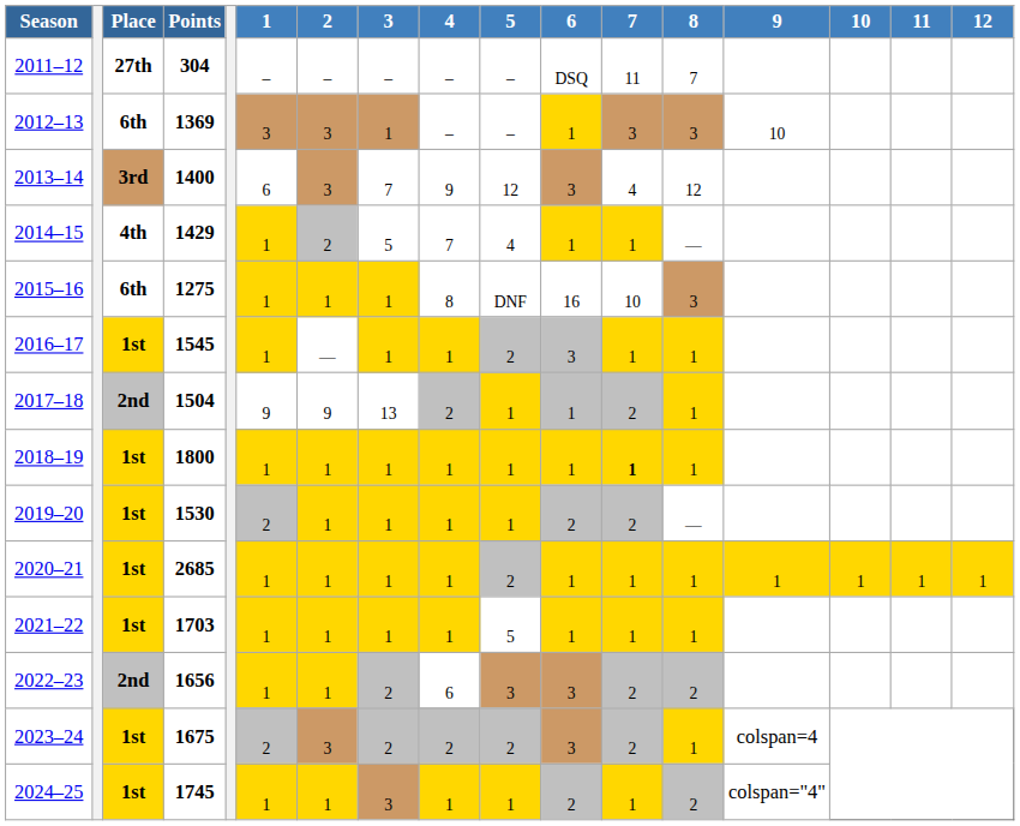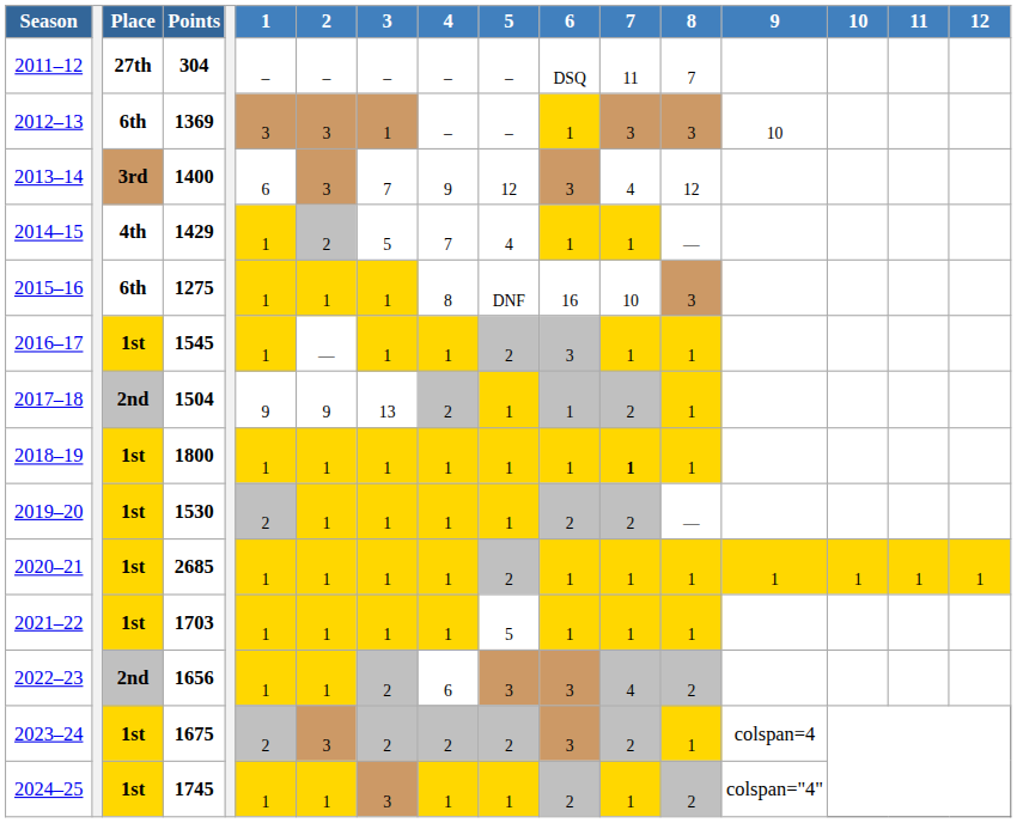 <table class="wikitable" style="font-size:95%; text-align:center; border:grey solid 1px; border-collapse:collapse; background:#ffffff;">
 <tr>
 <th style="background-color:#369; color:white; width:60px">Season</th>
 <th rowspan="15" width="1px"></th>
 <th style="background-color:#369; color:white; width:40px">Place</th>
 <th style="background-color:#369; color:white; width:40px">Points</th>
 <th rowspan="15" width="1px"></th>
 <th style="background-color:#4180be; color:white; width:40px">1</th>
 <th style="background-color:#4180be; color:white; width:40px">2</th>
 <th style="background-color:#4180be; color:white; width:40px">3</th>
 <th style="background-color:#4180be; color:white; width:40px">4</th>
 <th style="background-color:#4180be; color:white; width:40px">5</th>
 <th style="background-color:#4180be; color:white; width:40px">6</th>
 <th style="background-color:#4180be; color:white; width:40px">7</th>
 <th style="background-color:#4180be; color:white; width:40px">8</th>
 <th style="background-color:#4180be; color:white; width:40px">9</th>
 <th style="background-color:#4180be; color:white; width:40px">10</th>
 <th style="background-color:#4180be; color:white; width:40px">11</th>
 <th style="background-color:#4180be; color:white; width:40px">12</th>
 </tr>
 <tr>
 <td><a href='#'>2011–12</a></td>
 <td><strong>27th</strong></td>
 <td><strong>304</strong></td>
 <td><br><small>–</small></td>
 <td><br><small>–</small></td>
 <td><br><small>–</small></td>
 <td><br><small>–</small></td>
 <td><br><small>–</small></td>
 <td><br><small>DSQ</small></td>
 <td><br><small>11</small></td>
 <td><br><small>7</small></td>
 <td></td>
 <td></td>
 <td></td>
 <td></td>
 </tr>
 <tr>
 <td><a href='#'>2012–13</a></td>
 <td><strong>6th</strong></td>
 <td><strong>1369</strong></td>
 <td style="background:#CC9966"><br><small>3</small></td>
 <td style="background:#c96"><br><small>3</small></td>
 <td style="background:#c96"><br><small>1</small></td>
 <td><br><small>–</small></td>
 <td><br><small>–</small></td>
 <td style="background:gold"><br><small>1</small></td>
 <td style="background:#c96"><br><small>3</small></td>
 <td style="background:#c96"><br><small>3</small></td>
 <td><br><small>10</small></td>
 <td></td>
 <td></td>
 <td></td>
 </tr>
 <tr>
 <td><a href='#'>2013–14</a></td>
 <td style="background:#c96"><strong>3rd</strong></td>
 <td><strong>1400</strong></td>
 <td><br><small>6</small></td>
 <td style="background:#c96"><br><small>3</small></td>
 <td><br><small>7</small></td>
 <td><br><small>9</small></td>
 <td><br><small>12</small></td>
 <td style="background:#c96"><br><small>3</small></td>
 <td><br><small>4</small></td>
 <td><br><small>12</small></td>
 <td></td>
 <td></td>
 <td></td>
 <td></td>
 </tr>
 <tr>
 <td><a href='#'>2014–15</a></td>
 <td><strong>4th</strong></td>
 <td><strong>1429</strong></td>
 <td style="background:gold"><br><small>1</small></td>
 <td style="background:silver"><br><small>2</small></td>
 <td><br><small>5</small></td>
 <td><br><small>7</small></td>
 <td><br><small>4</small></td>
 <td style="background:gold"><br><small>1</small></td>
 <td style="background:gold"><br><small>1</small></td>
 <td><br><small>—</small></td>
 <td></td>
 <td></td>
 <td></td>
 <td></td>
 </tr>
 <tr>
 <td><a href='#'>2015–16</a></td>
 <td><strong>6th</strong></td>
 <td><strong>1275</strong></td>
 <td style="background:gold"> <br><small>1</small></td>
 <td style="background:gold"><br><small>1</small></td>
 <td style="background:gold"><br><small>1</small></td>
 <td><br><small>8</small></td>
 <td><br><small>DNF</small></td>
 <td><br><small>16</small></td>
 <td><br><small>10</small></td>
 <td style="background:#c96"><br><small>3</small></td>
 <td></td>
 <td></td>
 <td></td>
 <td></td>
 </tr>
 <tr>
 <td><a href='#'>2016–17</a></td>
 <td style="background:gold"><strong>1st</strong></td>
 <td><strong>1545</strong></td>
 <td style="background:gold"><br><small>1</small></td>
 <td><br><small>—</small></td>
 <td style="background:gold"><br><small>1</small></td>
 <td style="background:gold"><br><small>1</small></td>
 <td style="background:silver"><br><small>2</small></td>
 <td style="background:silver"><br><small>3</small></td>
 <td style="background:gold"><br><small>1</small></td>
 <td style="background:gold"><br><small>1</small></td>
 <td></td>
 <td></td>
 <td></td>
 <td></td>
 </tr>
 <tr>
 <td><a href='#'>2017–18</a></td>
 <td style="background:silver"><strong>2nd</strong></td>
 <td><strong>1504</strong></td>
 <td><br><small>9</small></td>
 <td><br><small>9</small></td>
 <td><br><small>13</small></td>
 <td style="background:silver"><br><small>2</small></td>
 <td style="background:gold"><br><small>1</small></td>
 <td style="background:silver"><br><small>1</small></td>
 <td style="background:silver"><br><small>2</small></td>
 <td style="background:gold"><br><small>1</small></td>
 <td></td>
 <td></td>
 <td></td>
 <td></td>
 </tr>
 <tr>
 <td><a href='#'>2018–19</a></td>
 <td style="background:gold"><strong>1st</strong></td>
 <td><strong>1800</strong></td>
 <td style="background:gold"><br><small>1</small></td>
 <td style="background:gold"><br><small>1</small></td>
 <td style="background:gold"><br><small>1</small></td>
 <td style="background:gold"><br><small>1</small></td>
 <td style="background:gold"><br><small>1</small></td>
 <td style="background:gold"><br><small>1</small></td>
 <td style="background:gold"><strong><br><small>1</small></strong></td>
 <td style="background:gold"><br><small>1</small></td>
 <td></td>
 <td></td>
 <td></td>
 <td></td>
 </tr>
 <tr>
 <td><a href='#'>2019–20</a></td>
 <td style="background:gold"><strong>1st</strong></td>
 <td><strong>1530</strong></td>
 <td style="background:silver"><br><small>2</small></td>
 <td style="background:gold"><br><small>1</small></td>
 <td style="background:gold"><br><small>1</small></td>
 <td style="background:gold"><br><small>1</small></td>
 <td style="background:gold"><br><small>1</small></td>
 <td style="background:silver"><br><small>2</small></td>
 <td style="background:silver"><br><small>2</small></td>
 <td><br><small>—</small></td>
 <td></td>
 <td></td>
 <td></td>
 <td></td>
 </tr>
 <tr>
 <td><a href='#'>2020–21</a></td>
 <td style="background:gold"><strong>1st</strong></td>
 <td><strong>2685</strong></td>
 <td style="background:gold"><br><small>1</small></td>
 <td style="background:gold"><br><small>1</small></td>
 <td style="background:gold"><br><small>1</small></td>
 <td style="background:gold"><br><small>1</small></td>
 <td style="background:silver"><br><small>2</small></td>
 <td style="background:gold"><br><small>1</small></td>
 <td style="background:gold"><br><small>1</small></td>
 <td style="background:gold"><br><small>1</small></td>
 <td style="background:gold"><br><small>1</small></td>
 <td style="background:gold"><br><small>1</small></td>
 <td style="background:gold"><br><small>1</small></td>
 <td style="background:gold"><br><small>1</small></td>
 </tr>
 <tr>
 <td><a href='#'>2021–22</a></td>
 <td style="background:gold"><strong>1st</strong></td>
 <td><strong>1703</strong></td>
 <td style="background:gold"><br><small>1</small></td>
 <td style="background:gold"><br><small>1</small></td>
 <td style="background:gold"><br><small>1</small></td>
 <td style="background:gold"><br><small>1</small></td>
 <td><br><small>5</small></td>
 <td style="background:gold"><br><small>1</small></td>
 <td style="background:gold"><br><small>1</small></td>
 <td style="background:gold"><br><small>1</small></td>
 <td></td>
 <td></td>
 <td></td>
 <td></td>
 </tr>
 <tr>
 <td><a href='#'>2022–23</a></td>
 <td style="background:silver"><strong>2nd</strong></td>
 <td><strong>1656</strong></td>
 <td style="background:gold"><br><small>1</small></td>
 <td style="background:gold"><br><small>1</small></td>
 <td style="background:silver"><br><small>2</small></td>
 <td><br><small>6</small></td>
 <td style="background:#c96"><br><small>3</small></td>
 <td style="background:#c96"><br><small>3</small></td>
-<td style="background:silver"><br><small>2</small></td>
+<td style="background:silver"><br><small>4</small></td>
 <td style="background:silver"><br><small>2</small></td>
 <td></td>
 <td></td>
 <td></td>
 <td></td>
 </tr>
 <tr>
 <td><a href='#'>2023–24</a></td>
 <td style="background:gold"><strong>1st</strong></td>
 <td><strong>1675</strong></td>
 <td style="background:silver"><br><small>2</small></td>
 <td style="background:#c96"><br><small>3</small></td>
 <td style="background:silver"><br><small>2</small></td>
 <td style="background:silver"><br><small>2</small></td>
 <td style="background:silver"><br><small>2</small></td>
 <td style="background:#c96"><br><small>3</small></td>
 <td style="background:silver"><br><small>2</small></td>
 <td style="background:gold"><br><small>1</small></td>
 <td>colspan=4 </td>
 </tr>
 <tr>
 <td><a href='#'>2024–25</a></td>
 <td style="background:gold"><strong>1st</strong></td>
 <td><strong>1745</strong></td>
 <td style="background:gold"><br><small>1</small></td>
 <td style="background:gold"><br><small>1</small></td>
 <td style="background:#c96"><br><small>3</small></td>
 <td style="background:gold"><br><small>1</small></td>
 <td style="background:gold"><br><small>1</small></td>
 <td style="background:silver"><br><small>2</small></td>
 <td style="background:gold"><br><small>1</small></td>
 <td style="background:silver"><br><small>2</small></td>
 <td>colspan="4" </td>
 </tr>
 </table>
